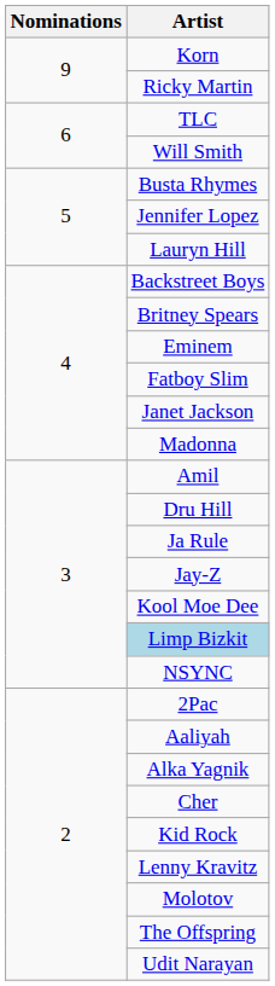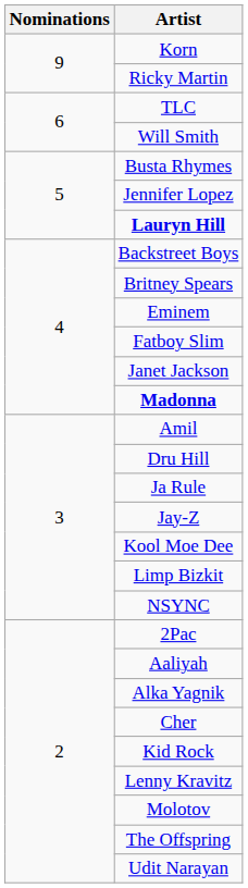 <table class="wikitable" rowspan="2" style="text-align:center">
 <tr>
 <th scope="col" style="width:55px;">Nominations</th>
 <th scope="col" style="text-align:center;">Artist</th>
 </tr>
 <tr>
 <td rowspan="2" style="text-align:center">9</td>
 <td><a href='#'>Korn</a></td>
 </tr>
 <tr>
 <td><a href='#'>Ricky Martin</a></td>
 </tr>
 <tr>
 <td rowspan="2" style="text-align:center">6</td>
 <td><a href='#'>TLC</a></td>
 </tr>
 <tr>
 <td><a href='#'>Will Smith</a></td>
 </tr>
 <tr>
 <td rowspan="3" style="text-align:center">5</td>
 <td><a href='#'>Busta Rhymes</a></td>
 </tr>
 <tr>
 <td><a href='#'>Jennifer Lopez</a></td>
 </tr>
 <tr>
-<td><a href='#'>Lauryn Hill</a></td>
+<td><strong><a href='#'>Lauryn Hill</a></strong></td>
 </tr>
 <tr>
 <td rowspan="6" style="text-align:center">4</td>
 <td><a href='#'>Backstreet Boys</a></td>
 </tr>
 <tr>
 <td><a href='#'>Britney Spears</a></td>
 </tr>
 <tr>
 <td><a href='#'>Eminem</a></td>
 </tr>
 <tr>
 <td><a href='#'>Fatboy Slim</a></td>
 </tr>
 <tr>
 <td><a href='#'>Janet Jackson</a></td>
 </tr>
 <tr>
-<td><a href='#'>Madonna</a></td>
+<td><strong><a href='#'>Madonna</a></strong></td>
 </tr>
 <tr>
 <td rowspan="7" style="text-align:center">3</td>
 <td><a href='#'>Amil</a></td>
 </tr>
 <tr>
 <td><a href='#'>Dru Hill</a></td>
 </tr>
 <tr>
 <td><a href='#'>Ja Rule</a></td>
 </tr>
 <tr>
 <td><a href='#'>Jay-Z</a></td>
 </tr>
 <tr>
 <td><a href='#'>Kool Moe Dee</a></td>
 </tr>
 <tr>
-<td style="background: lightblue;"><a href='#'>Limp Bizkit</a></td>
+<td><a href='#'>Limp Bizkit</a></td>
 </tr>
 <tr>
 <td><a href='#'>NSYNC</a></td>
 </tr>
 <tr>
 <td rowspan="9" style="text-align:center">2</td>
 <td><a href='#'>2Pac</a></td>
 </tr>
 <tr>
 <td><a href='#'>Aaliyah</a></td>
 </tr>
 <tr>
 <td><a href='#'>Alka Yagnik</a></td>
 </tr>
 <tr>
 <td><a href='#'>Cher</a></td>
 </tr>
 <tr>
 <td><a href='#'>Kid Rock</a></td>
 </tr>
 <tr>
 <td><a href='#'>Lenny Kravitz</a></td>
 </tr>
 <tr>
 <td><a href='#'>Molotov</a></td>
 </tr>
 <tr>
 <td><a href='#'>The Offspring</a></td>
 </tr>
 <tr>
 <td><a href='#'>Udit Narayan</a></td>
 </tr>
 </table>
